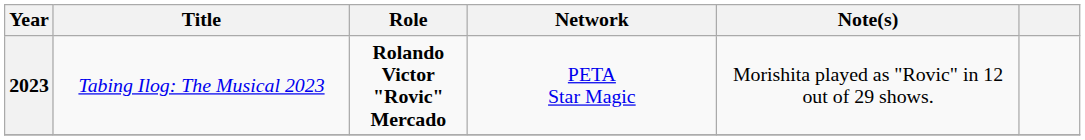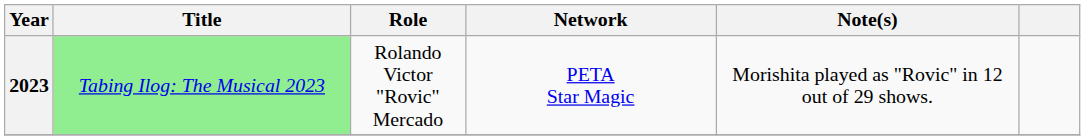 <table class="wikitable sortable" style=" text-align:center;">
 <tr>
 <th style="width:1em;" scope="col">Year</th>
 <th style="width:25em;" scope="col">Title</th>
 <th style="width:7em;" scope="col">Role</th>
 <th style="width:20em;" scope="col">Network</th>
 <th style="width:25em;" scope="col">Note(s)</th>
 <th style="width:5em;" scope="col"></th>
 </tr>
 <tr>
 <th>2023</th>
-<td><em><a href='#'>Tabing Ilog: The Musical 2023</a></em></td>
-<td><strong>Rolando Victor "Rovic" Mercado</strong></td>
+<td style="background: lightgreen;"><em><a href='#'>Tabing Ilog: The Musical 2023</a></em></td>
+<td>Rolando Victor "Rovic" Mercado</td>
 <td><a href='#'>PETA</a><br><a href='#'>Star Magic</a></td>
 <td>Morishita played as "Rovic" in 12 out of 29 shows.</td>
 <td></td>
 </tr>
 <tr>
 </tr>
 </table>
